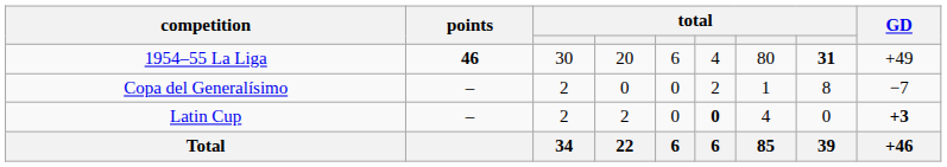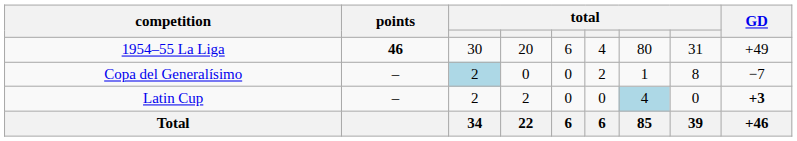 <table class="wikitable" style="font-size:90%;width:60%;float:left;text-align:center;">
 <tr>
 <th rowspan="2">competition</th>
 <th rowspan="2">points</th>
 <th colspan="6">total</th>
 <th rowspan="2"><a href='#'>GD</a></th>
 </tr>
 <tr>
 <th></th>
 <th></th>
 <th></th>
 <th></th>
 <th></th>
 <th></th>
 </tr>
 <tr>
 <td><a href='#'>1954–55 La Liga</a></td>
 <td><strong>46</strong></td>
 <td>30</td>
 <td>20</td>
 <td>6</td>
 <td>4</td>
 <td>80</td>
-<td><strong>31</strong></td>
+<td>31</td>
 <td>+49</td>
 </tr>
 <tr>
 <td><a href='#'>Copa del Generalísimo</a></td>
 <td>–</td>
-<td>2</td>
+<td style="background: lightblue;">2</td>
 <td>0</td>
 <td>0</td>
 <td>2</td>
 <td>1</td>
 <td>8</td>
 <td>−7</td>
 </tr>
 <tr>
 <td><a href='#'>Latin Cup</a></td>
 <td>–</td>
 <td>2</td>
 <td>2</td>
 <td>0</td>
-<td><strong>0</strong></td>
-<td>4</td>
+<td>0</td>
+<td style="background: lightblue;">4</td>
 <td>0</td>
 <td><strong>+3</strong></td>
 </tr>
 <tr>
 <th>Total</th>
 <th></th>
 <th>34</th>
 <th>22</th>
 <th>6</th>
 <th>6</th>
 <th>85</th>
 <th>39</th>
 <th>+46</th>
 </tr>
 </table>
